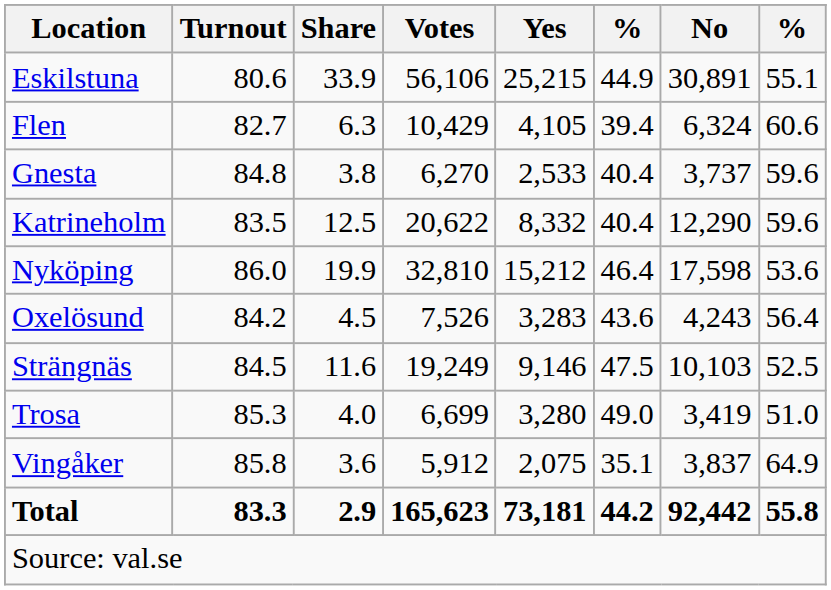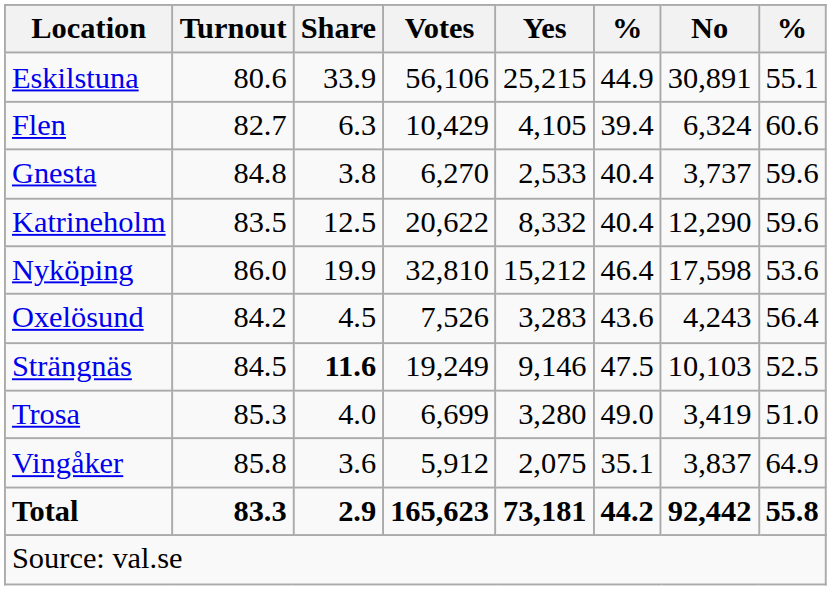 <table class="wikitable sortable" style=text-align:right>
 <tr>
 <th>Location</th>
 <th>Turnout</th>
 <th>Share</th>
 <th>Votes</th>
 <th>Yes</th>
 <th>%</th>
 <th>No</th>
 <th>%</th>
 </tr>
 <tr>
 <td align=left><a href='#'>Eskilstuna</a></td>
 <td>80.6</td>
 <td>33.9</td>
 <td>56,106</td>
 <td>25,215</td>
 <td>44.9</td>
 <td>30,891</td>
 <td>55.1</td>
 </tr>
 <tr>
 <td align=left><a href='#'>Flen</a></td>
 <td>82.7</td>
 <td>6.3</td>
 <td>10,429</td>
 <td>4,105</td>
 <td>39.4</td>
 <td>6,324</td>
 <td>60.6</td>
 </tr>
 <tr>
 <td align=left><a href='#'>Gnesta</a></td>
 <td>84.8</td>
 <td>3.8</td>
 <td>6,270</td>
 <td>2,533</td>
 <td>40.4</td>
 <td>3,737</td>
 <td>59.6</td>
 </tr>
 <tr>
 <td align=left><a href='#'>Katrineholm</a></td>
 <td>83.5</td>
 <td>12.5</td>
 <td>20,622</td>
 <td>8,332</td>
 <td>40.4</td>
 <td>12,290</td>
 <td>59.6</td>
 </tr>
 <tr>
 <td align=left><a href='#'>Nyköping</a></td>
 <td>86.0</td>
 <td>19.9</td>
 <td>32,810</td>
 <td>15,212</td>
 <td>46.4</td>
 <td>17,598</td>
 <td>53.6</td>
 </tr>
 <tr>
 <td align=left><a href='#'>Oxelösund</a></td>
 <td>84.2</td>
 <td>4.5</td>
 <td>7,526</td>
 <td>3,283</td>
 <td>43.6</td>
 <td>4,243</td>
 <td>56.4</td>
 </tr>
 <tr>
 <td align=left><a href='#'>Strängnäs</a></td>
 <td>84.5</td>
-<td>11.6</td>
+<td><strong>11.6</strong></td>
 <td>19,249</td>
 <td>9,146</td>
 <td>47.5</td>
 <td>10,103</td>
 <td>52.5</td>
 </tr>
 <tr>
 <td align=left><a href='#'>Trosa</a></td>
 <td>85.3</td>
 <td>4.0</td>
 <td>6,699</td>
 <td>3,280</td>
 <td>49.0</td>
 <td>3,419</td>
 <td>51.0</td>
 </tr>
 <tr>
 <td align=left><a href='#'>Vingåker</a></td>
 <td>85.8</td>
 <td>3.6</td>
 <td>5,912</td>
 <td>2,075</td>
 <td>35.1</td>
 <td>3,837</td>
 <td>64.9</td>
 </tr>
 <tr>
 <td align=left><strong>Total</strong></td>
 <td><strong>83.3</strong></td>
 <td><strong>2.9</strong></td>
 <td><strong>165,623</strong></td>
 <td><strong>73,181</strong></td>
 <td><strong>44.2</strong></td>
 <td><strong>92,442</strong></td>
 <td><strong>55.8</strong></td>
 </tr>
 <tr>
 <td align=left colspan=8>Source: val.se </td>
 </tr>
 </table>
